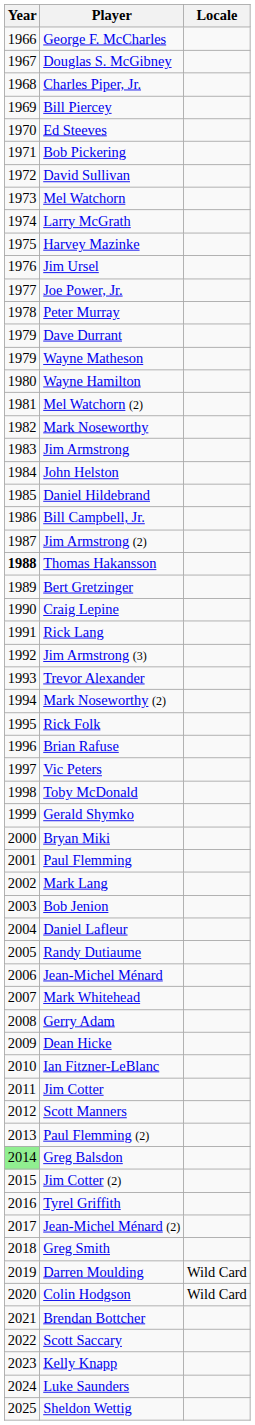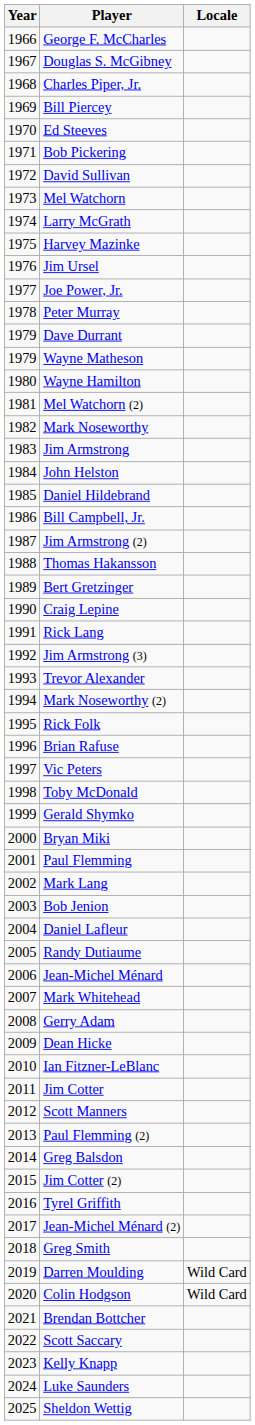 <table class=wikitable>
 <tr>
 <th scope="col">Year</th>
 <th scope="col">Player</th>
 <th scope="col">Locale</th>
 </tr>
 <tr>
 <td>1966</td>
 <td><a href='#'>George F. McCharles</a></td>
 <td></td>
 </tr>
 <tr>
 <td>1967</td>
 <td><a href='#'>Douglas S. McGibney</a></td>
 <td></td>
 </tr>
 <tr>
 <td>1968</td>
 <td><a href='#'>Charles Piper, Jr.</a></td>
 <td></td>
 </tr>
 <tr>
 <td>1969</td>
 <td><a href='#'>Bill Piercey</a></td>
 <td></td>
 </tr>
 <tr>
 <td>1970</td>
 <td><a href='#'>Ed Steeves</a></td>
 <td></td>
 </tr>
 <tr>
 <td>1971</td>
 <td><a href='#'>Bob Pickering</a></td>
 <td></td>
 </tr>
 <tr>
 <td>1972</td>
 <td><a href='#'>David Sullivan</a></td>
 <td></td>
 </tr>
 <tr>
 <td>1973</td>
 <td><a href='#'>Mel Watchorn</a></td>
 <td></td>
 </tr>
 <tr>
 <td>1974</td>
 <td><a href='#'>Larry McGrath</a></td>
 <td></td>
 </tr>
 <tr>
 <td>1975</td>
 <td><a href='#'>Harvey Mazinke</a></td>
 <td></td>
 </tr>
 <tr>
 <td>1976</td>
 <td><a href='#'>Jim Ursel</a></td>
 <td></td>
 </tr>
 <tr>
 <td>1977</td>
 <td><a href='#'>Joe Power, Jr.</a></td>
 <td></td>
 </tr>
 <tr>
 <td>1978</td>
 <td><a href='#'>Peter Murray</a></td>
 <td></td>
 </tr>
 <tr>
 <td>1979</td>
 <td><a href='#'>Dave Durrant</a></td>
 <td></td>
 </tr>
 <tr>
 <td>1979</td>
 <td><a href='#'>Wayne Matheson</a></td>
 <td></td>
 </tr>
 <tr>
 <td>1980</td>
 <td><a href='#'>Wayne Hamilton</a></td>
 <td></td>
 </tr>
 <tr>
 <td>1981</td>
 <td><a href='#'>Mel Watchorn</a> <small>(2)</small></td>
 <td></td>
 </tr>
 <tr>
 <td>1982</td>
 <td><a href='#'>Mark Noseworthy</a></td>
 <td></td>
 </tr>
 <tr>
 <td>1983</td>
 <td><a href='#'>Jim Armstrong</a></td>
 <td></td>
 </tr>
 <tr>
 <td>1984</td>
 <td><a href='#'>John Helston</a></td>
 <td></td>
 </tr>
 <tr>
 <td>1985</td>
 <td><a href='#'>Daniel Hildebrand</a></td>
 <td></td>
 </tr>
 <tr>
 <td>1986</td>
 <td><a href='#'>Bill Campbell, Jr.</a></td>
 <td></td>
 </tr>
 <tr>
 <td>1987</td>
 <td><a href='#'>Jim Armstrong</a> <small>(2)</small></td>
 <td></td>
 </tr>
 <tr>
-<td><strong>1988</strong></td>
+<td>1988</td>
 <td><a href='#'>Thomas Hakansson</a></td>
 <td></td>
 </tr>
 <tr>
 <td>1989</td>
 <td><a href='#'>Bert Gretzinger</a></td>
 <td></td>
 </tr>
 <tr>
 <td>1990</td>
 <td><a href='#'>Craig Lepine</a></td>
 <td></td>
 </tr>
 <tr>
 <td>1991</td>
 <td><a href='#'>Rick Lang</a></td>
 <td></td>
 </tr>
 <tr>
 <td>1992</td>
 <td><a href='#'>Jim Armstrong</a> <small>(3)</small></td>
 <td></td>
 </tr>
 <tr>
 <td>1993</td>
 <td><a href='#'>Trevor Alexander</a></td>
 <td></td>
 </tr>
 <tr>
 <td>1994</td>
 <td><a href='#'>Mark Noseworthy</a> <small>(2)</small></td>
 <td></td>
 </tr>
 <tr>
 <td>1995</td>
 <td><a href='#'>Rick Folk</a></td>
 <td></td>
 </tr>
 <tr>
 <td>1996</td>
 <td><a href='#'>Brian Rafuse</a></td>
 <td></td>
 </tr>
 <tr>
 <td>1997</td>
 <td><a href='#'>Vic Peters</a></td>
 <td></td>
 </tr>
 <tr>
 <td>1998</td>
 <td><a href='#'>Toby McDonald</a></td>
 <td></td>
 </tr>
 <tr>
 <td>1999</td>
 <td><a href='#'>Gerald Shymko</a></td>
 <td></td>
 </tr>
 <tr>
 <td>2000</td>
 <td><a href='#'>Bryan Miki</a></td>
 <td></td>
 </tr>
 <tr>
 <td>2001</td>
 <td><a href='#'>Paul Flemming</a></td>
 <td></td>
 </tr>
 <tr>
 <td>2002</td>
 <td><a href='#'>Mark Lang</a></td>
 <td></td>
 </tr>
 <tr>
 <td>2003</td>
 <td><a href='#'>Bob Jenion</a></td>
 <td></td>
 </tr>
 <tr>
 <td>2004</td>
 <td><a href='#'>Daniel Lafleur</a></td>
 <td></td>
 </tr>
 <tr>
 <td>2005</td>
 <td><a href='#'>Randy Dutiaume</a></td>
 <td></td>
 </tr>
 <tr>
 <td>2006</td>
 <td><a href='#'>Jean-Michel Ménard</a></td>
 <td></td>
 </tr>
 <tr>
 <td>2007</td>
 <td><a href='#'>Mark Whitehead</a></td>
 <td></td>
 </tr>
 <tr>
 <td>2008</td>
 <td><a href='#'>Gerry Adam</a></td>
 <td></td>
 </tr>
 <tr>
 <td>2009</td>
 <td><a href='#'>Dean Hicke</a></td>
 <td></td>
 </tr>
 <tr>
 <td>2010</td>
 <td><a href='#'>Ian Fitzner-LeBlanc</a></td>
 <td></td>
 </tr>
 <tr>
 <td>2011</td>
 <td><a href='#'>Jim Cotter</a></td>
 <td></td>
 </tr>
 <tr>
 <td>2012</td>
 <td><a href='#'>Scott Manners</a></td>
 <td></td>
 </tr>
 <tr>
 <td>2013</td>
 <td><a href='#'>Paul Flemming</a> <small>(2)</small></td>
 <td></td>
 </tr>
 <tr>
-<td style="background: lightgreen;">2014</td>
+<td>2014</td>
 <td><a href='#'>Greg Balsdon</a></td>
 <td></td>
 </tr>
 <tr>
 <td>2015</td>
 <td><a href='#'>Jim Cotter</a> <small>(2)</small></td>
 <td></td>
 </tr>
 <tr>
 <td>2016</td>
 <td><a href='#'>Tyrel Griffith</a></td>
 <td></td>
 </tr>
 <tr>
 <td>2017</td>
 <td><a href='#'>Jean-Michel Ménard</a> <small>(2)</small></td>
 <td></td>
 </tr>
 <tr>
 <td>2018</td>
 <td><a href='#'>Greg Smith</a></td>
 <td></td>
 </tr>
 <tr>
 <td>2019</td>
 <td><a href='#'>Darren Moulding</a></td>
 <td> Wild Card</td>
 </tr>
 <tr>
 <td>2020</td>
 <td><a href='#'>Colin Hodgson</a></td>
 <td> Wild Card</td>
 </tr>
 <tr>
 <td>2021</td>
 <td><a href='#'>Brendan Bottcher</a></td>
 <td></td>
 </tr>
 <tr>
 <td>2022</td>
 <td><a href='#'>Scott Saccary</a></td>
 <td></td>
 </tr>
 <tr>
 <td>2023</td>
 <td><a href='#'>Kelly Knapp</a></td>
 <td></td>
 </tr>
 <tr>
 <td>2024</td>
 <td><a href='#'>Luke Saunders</a></td>
 <td></td>
 </tr>
 <tr>
 <td>2025</td>
 <td><a href='#'>Sheldon Wettig</a></td>
 <td></td>
 </tr>
 </table>
